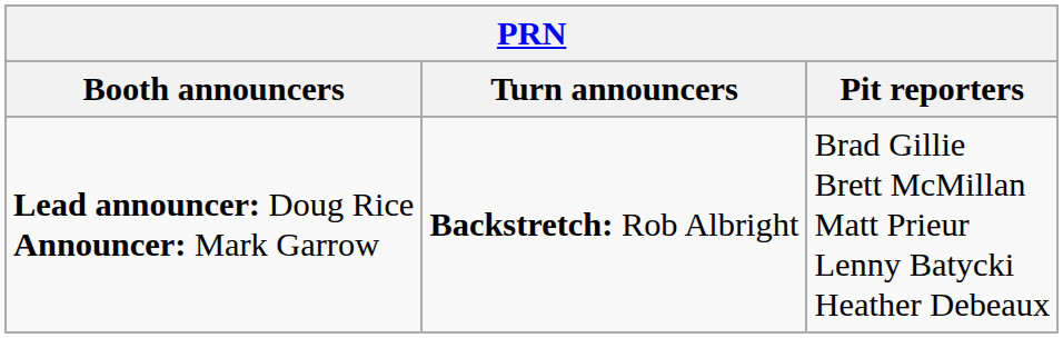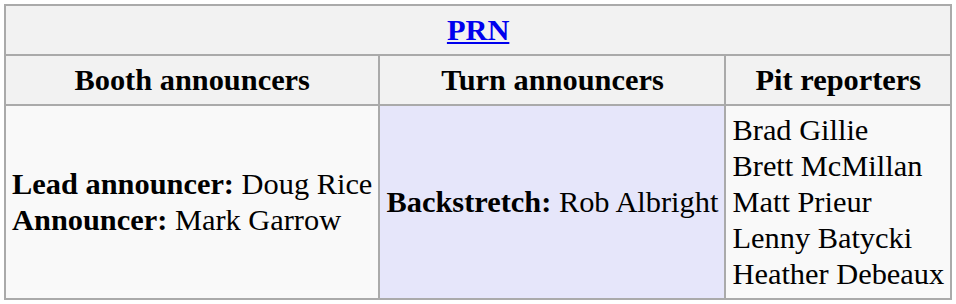 <table class="wikitable" style="font-size: 95%;">
 <tr>
 <th colspan="3"><a href='#'>PRN</a></th>
 </tr>
 <tr>
 <th>Booth announcers</th>
 <th>Turn announcers</th>
 <th>Pit reporters</th>
 </tr>
 <tr>
 <td><strong>Lead announcer:</strong> Doug Rice<br><strong>Announcer:</strong> Mark Garrow</td>
-<td><strong>Backstretch:</strong> Rob Albright</td>
+<td style="background: lavender;"><strong>Backstretch:</strong> Rob Albright</td>
 <td>Brad Gillie<br>Brett McMillan<br>Matt Prieur<br>Lenny Batycki<br>Heather Debeaux</td>
 </tr>
 </table>
